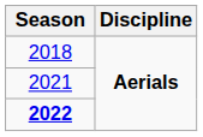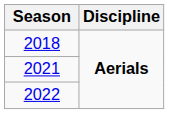 <table class=wikitable style="text-align:center;">
 <tr>
 <th> Season </th>
 <th>Discipline</th>
 </tr>
 <tr>
 <td><a href='#'>2018</a></td>
 <td rowspan=3><strong>Aerials</strong></td>
 </tr>
 <tr>
 <td><a href='#'>2021</a></td>
 </tr>
 <tr>
-<td><strong><a href='#'>2022</a></strong></td>
+<td><a href='#'>2022</a></td>
 </tr>
 </table>
